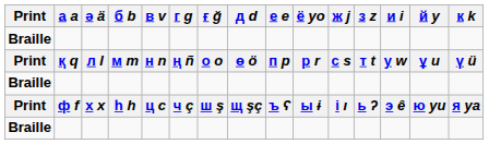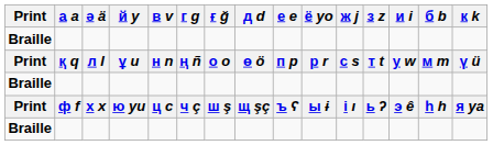 <table class="wikitable" style="text-align:center">
 <tr>
 <th><strong>Print</strong></th>
 <th><a href='#'>а</a> <em>a</em></th>
 <th><a href='#'>ә</a> <em>ä</em></th>
-<th><a href='#'>б</a> <em>b</em></th>
+<th><a href='#'>й</a> <em>y</em></th>
 <th><a href='#'>в</a> <em>v</em></th>
 <th><a href='#'>г</a> <em>g</em></th>
 <th><a href='#'>ғ</a> <em>ğ</em></th>
 <th><a href='#'>д</a> <em>d</em></th>
 <th><a href='#'>е</a> <em>e</em></th>
 <th><a href='#'>ё</a> <em>yo</em></th>
 <th><a href='#'>ж</a> <em>j</em></th>
 <th><a href='#'>з</a> <em>z</em></th>
 <th><a href='#'>и</a> <em>i</em></th>
-<th><a href='#'>й</a> <em>y</em></th>
+<th><a href='#'>б</a> <em>b</em></th>
 <th><a href='#'>к</a> <em>k</em></th>
 </tr>
 <tr>
 <td><strong>Braille</strong></td>
 <td></td>
 <td></td>
 <td></td>
 <td></td>
 <td></td>
 <td></td>
 <td></td>
 <td></td>
 <td></td>
 <td></td>
 <td></td>
 <td></td>
 <td></td>
 <td></td>
 </tr>
 <tr>
 <th><strong>Print</strong></th>
 <th><a href='#'>қ</a> <em>q</em></th>
 <th><a href='#'>л</a> <em>l</em></th>
-<th><a href='#'>м</a> <em>m</em></th>
+<th><a href='#'>ұ</a> <em>u</em></th>
 <th><a href='#'>н</a> <em>n</em></th>
 <th><a href='#'>ң</a> <em>ñ</em></th>
 <th><a href='#'>о</a> <em>o</em></th>
 <th><a href='#'>ө</a> <em>ö</em></th>
 <th><a href='#'>п</a> <em>p</em></th>
 <th><a href='#'>р</a> <em>r</em></th>
 <th><a href='#'>с</a> <em>s</em></th>
 <th><a href='#'>т</a> <em>t</em></th>
 <th><a href='#'>у</a> <em>w</em></th>
-<th><a href='#'>ұ</a> <em>u</em></th>
+<th><a href='#'>м</a> <em>m</em></th>
 <th><a href='#'>ү</a> <em>ü</em></th>
 </tr>
 <tr>
 <td><strong>Braille</strong></td>
 <td></td>
 <td></td>
 <td></td>
 <td></td>
 <td></td>
 <td></td>
 <td></td>
 <td></td>
 <td></td>
 <td></td>
 <td></td>
 <td></td>
 <td></td>
 <td></td>
 </tr>
 <tr>
 <th><strong>Print</strong></th>
 <th><a href='#'>ф</a> <em>f</em></th>
 <th><a href='#'>х</a> <em>x</em></th>
-<th><a href='#'>һ</a> <em>h</em></th>
+<th><a href='#'>ю</a> <em>yu</em></th>
 <th><a href='#'>ц</a> <em>c</em></th>
 <th><a href='#'>ч</a> <em>ç</em></th>
 <th><a href='#'>ш</a> <em>ş</em></th>
 <th><a href='#'>щ</a> <em>şç</em></th>
 <th><a href='#'>ъ</a> <em>ʕ</em></th>
 <th><a href='#'>ы</a> <em>ɨ</em></th>
 <th><a href='#'>і</a> <em>ı</em></th>
 <th><a href='#'>ь</a> <em>ʔ</em></th>
 <th><a href='#'>э</a> <em>ê</em></th>
-<th><a href='#'>ю</a> <em>yu</em></th>
+<th><a href='#'>һ</a> <em>h</em></th>
 <th><a href='#'>я</a> <em>ya</em></th>
 </tr>
 <tr>
 <td><strong>Braille</strong></td>
 <td></td>
 <td></td>
 <td></td>
 <td></td>
 <td></td>
 <td></td>
 <td></td>
 <td></td>
 <td></td>
 <td></td>
 <td></td>
 <td></td>
 <td></td>
 <td></td>
 </tr>
 </table>
